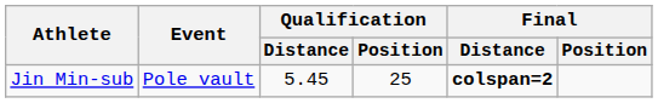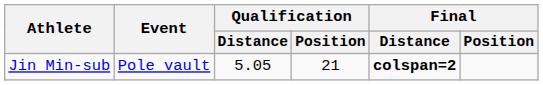 <table class=wikitable style="font-size:90%">
 <tr>
 <th rowspan="2">Athlete</th>
 <th rowspan="2">Event</th>
 <th colspan="2">Qualification</th>
 <th colspan="2">Final</th>
 </tr>
 <tr style="font-size:95%">
 <th>Distance</th>
 <th>Position</th>
 <th>Distance</th>
 <th>Position</th>
 </tr>
 <tr style=text-align:center>
 <td style=text-align:left><a href='#'>Jin Min-sub</a></td>
 <td style=text-align:left><a href='#'>Pole vault</a></td>
-<td>5.45</td>
-<td>25</td>
+<td>5.05</td>
+<td>21</td>
 <td><strong>colspan=2 </strong></td>
 </tr>
 </table>
